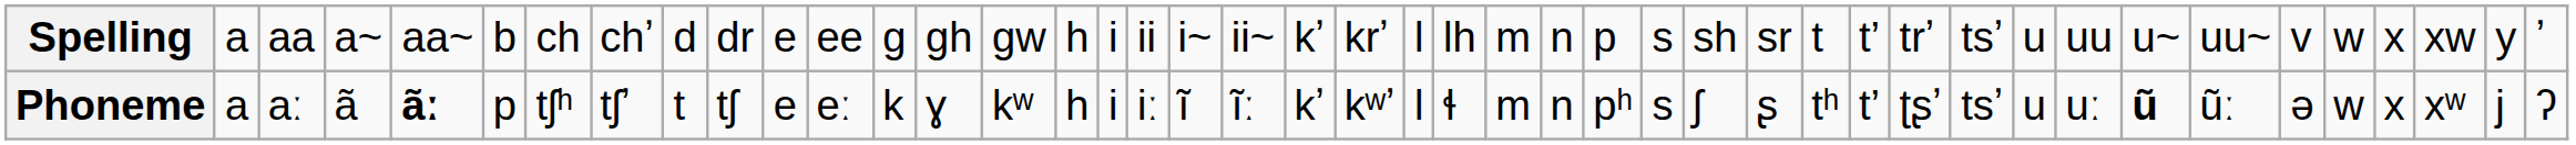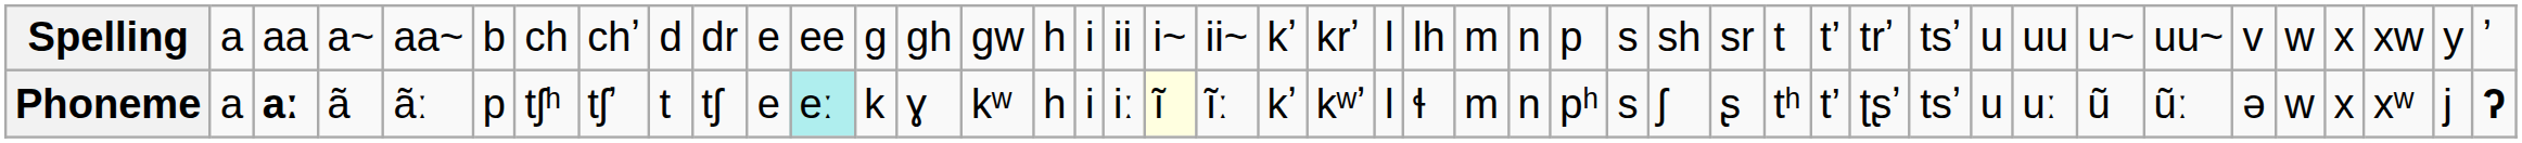 <table class="wikitable" border="1">
 <tr>
 <th>Spelling</th>
 <td>a</td>
 <td>aa</td>
 <td>a~</td>
 <td>aa~</td>
 <td>b</td>
 <td>ch</td>
 <td>chʼ</td>
 <td>d</td>
 <td>dr</td>
 <td>e</td>
 <td>ee</td>
 <td>g</td>
 <td>gh</td>
 <td>gw</td>
 <td>h</td>
 <td>i</td>
 <td>ii</td>
 <td>i~</td>
 <td>ii~</td>
 <td>kʼ</td>
 <td>krʼ</td>
 <td>l</td>
 <td>lh</td>
 <td>m</td>
 <td>n</td>
 <td>p</td>
 <td>s</td>
 <td>sh</td>
 <td>sr</td>
 <td>t</td>
 <td>t’</td>
 <td>trʼ</td>
 <td>tsʼ</td>
 <td>u</td>
 <td>uu</td>
 <td>u~</td>
 <td>uu~</td>
 <td>v</td>
 <td>w</td>
 <td>x</td>
 <td>xw</td>
 <td>y</td>
 <td>ʼ</td>
 </tr>
 <tr>
 <th>Phoneme</th>
 <td>a</td>
-<td>aː</td>
+<td><strong>aː</strong></td>
 <td>ã</td>
-<td><strong>ãː</strong></td>
+<td>ãː</td>
 <td>p</td>
 <td>tʃʰ</td>
 <td>tʃʼ</td>
 <td>t</td>
 <td>tʃ</td>
 <td>e</td>
-<td>eː</td>
+<td style="background: paleturquoise;">eː</td>
 <td>k</td>
 <td>ɣ</td>
 <td>kʷ</td>
 <td>h</td>
 <td>i</td>
 <td>iː</td>
-<td>ĩ</td>
+<td style="background: lightyellow;">ĩ</td>
 <td>ĩː</td>
 <td>kʼ</td>
 <td>kʷʼ</td>
 <td>l</td>
 <td>ɬ</td>
 <td>m</td>
 <td>n</td>
 <td>pʰ</td>
 <td>s</td>
 <td>ʃ</td>
 <td>ʂ</td>
 <td>tʰ</td>
 <td>t’</td>
 <td>ʈʂʼ</td>
 <td>tsʼ</td>
 <td>u</td>
 <td>uː</td>
-<td><strong>ũ</strong></td>
+<td>ũ</td>
 <td>ũː</td>
 <td>ə</td>
 <td>w</td>
 <td>x</td>
 <td>xʷ</td>
 <td>j</td>
-<td>ʔ</td>
+<td><strong>ʔ</strong></td>
 </tr>
 </table>
